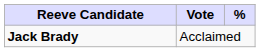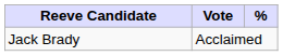 <table class="wikitable">
 <tr>
 <th style="background:#ddf; width:200px;">Reeve Candidate</th>
 <th style="background:#ddf; width:50px;">Vote</th>
 <th style="background:#ddf; width:30px;">%</th>
 </tr>
 <tr>
-<td><strong>Jack Brady</strong></td>
+<td>Jack Brady</td>
 <td colspan="2">Acclaimed</td>
 </tr>
 </table>
